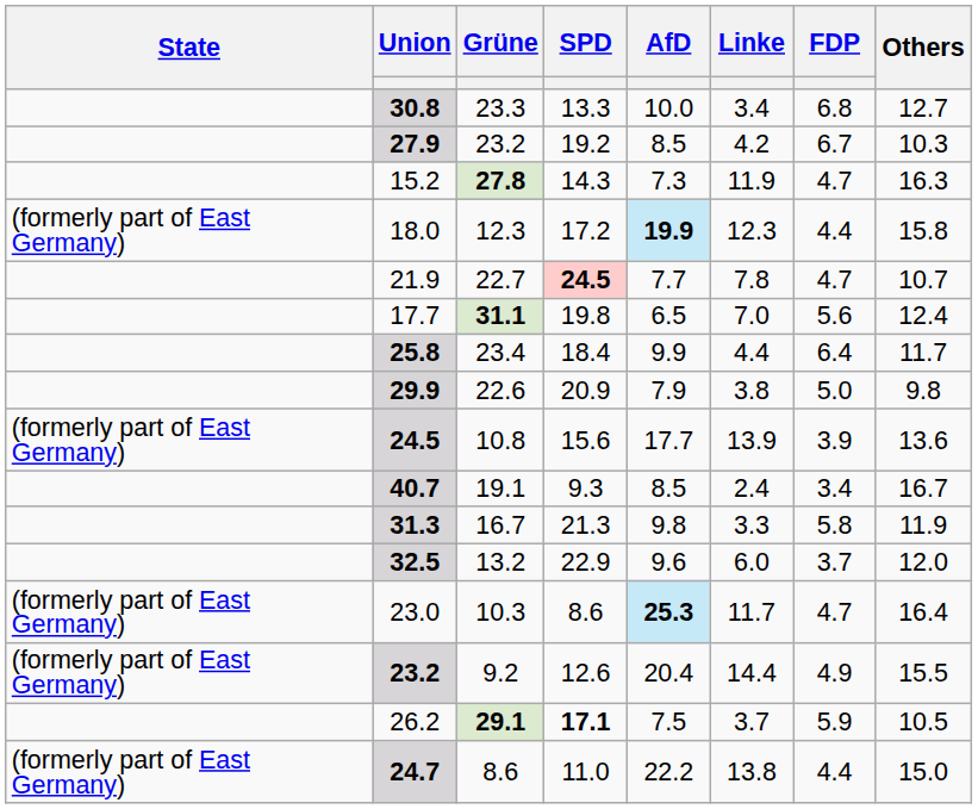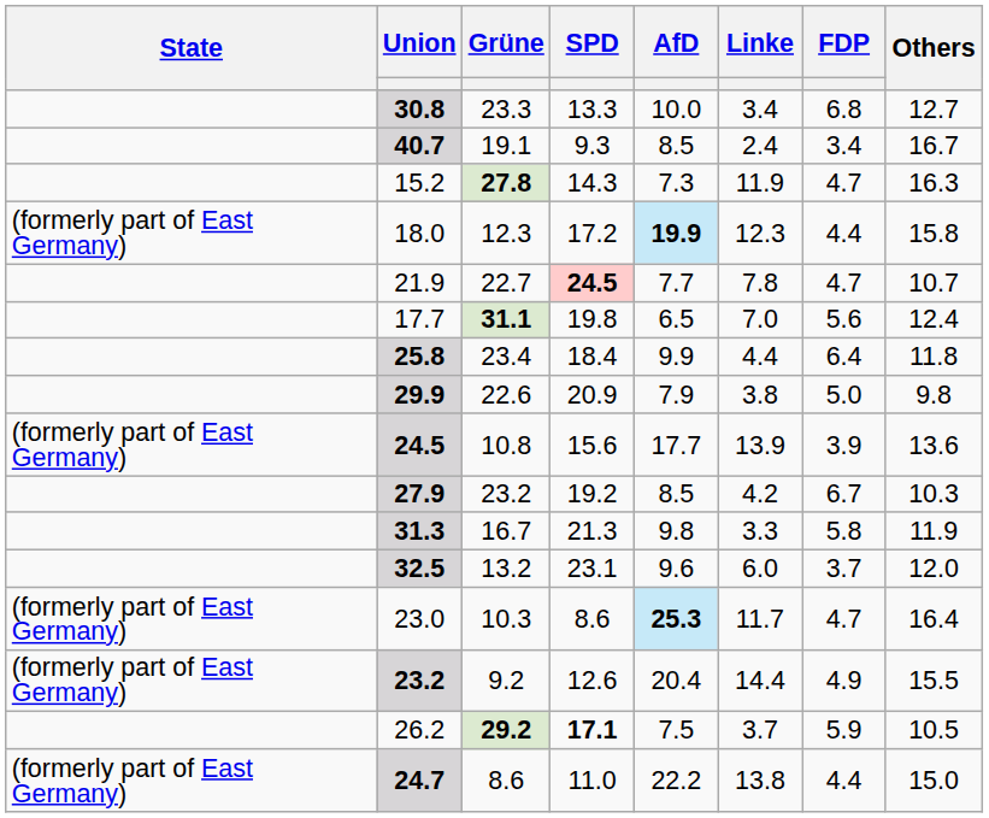 <table class="wikitable sortable" style="text-align:center;font-size:90%;line-height:14px">
 <tr style="height:40px;">
 <th style="width:200px;" rowspan="2"><a href='#'>State</a></th>
 <th style="width:40px;"><a href='#'>Union</a></th>
 <th style="width:40px;"><a href='#'>Grüne</a></th>
 <th style="width:40px;"><a href='#'>SPD</a></th>
 <th style="width:40px;"><a href='#'>AfD</a></th>
 <th style="width:40px;"><a href='#'>Linke</a></th>
 <th style="width:40px;"><a href='#'>FDP</a></th>
 <th class="unsortable" style="width:40px;" rowspan="2">Others</th>
 </tr>
 <tr>
 <th style="background:"></th>
 <th style="background:"></th>
 <th style="background:"></th>
 <th style="background:"></th>
 <th style="background:"></th>
 <th style="background:"></th>
 </tr>
 <tr>
 <td align="left"></td>
 <td style="background:#D7D5D7;"><strong>30.8</strong></td>
 <td>23.3</td>
 <td>13.3</td>
 <td>10.0</td>
 <td>3.4</td>
 <td>6.8</td>
 <td>12.7</td>
 </tr>
 <tr>
 <td align="left"></td>
-<td style="background:#D7D5D7;"><strong>27.9</strong></td>
-<td>23.2</td>
-<td>19.2</td>
+<td style="background:#D7D5D7;"><strong>40.7</strong></td>
+<td>19.1</td>
+<td>9.3</td>
 <td>8.5</td>
-<td>4.2</td>
-<td>6.7</td>
-<td>10.3</td>
+<td>2.4</td>
+<td>3.4</td>
+<td>16.7</td>
 </tr>
 <tr>
 <td align="left"></td>
 <td>15.2</td>
 <td style="background:#DCEAD0;"><strong>27.8</strong></td>
 <td>14.3</td>
 <td>7.3</td>
 <td>11.9</td>
 <td>4.7</td>
 <td>16.3</td>
 </tr>
 <tr>
 <td align="left"> (formerly part of <a href='#'>East Germany</a>)</td>
 <td>18.0</td>
 <td>12.3</td>
 <td>17.2</td>
 <td style="background:#C6E9F8;"><strong>19.9</strong></td>
 <td>12.3</td>
 <td>4.4</td>
 <td>15.8</td>
 </tr>
 <tr>
 <td align="left"></td>
 <td>21.9</td>
 <td>22.7</td>
 <td style="background:#FFCCCC"><strong>24.5</strong></td>
 <td>7.7</td>
 <td>7.8</td>
 <td>4.7</td>
 <td>10.7</td>
 </tr>
 <tr>
 <td align="left"></td>
 <td>17.7</td>
 <td style="background:#DCEAD0;"><strong>31.1</strong></td>
 <td>19.8</td>
 <td>6.5</td>
 <td>7.0</td>
 <td>5.6</td>
 <td>12.4</td>
 </tr>
 <tr>
 <td align="left"></td>
 <td style="background:#D7D5D7;"><strong>25.8</strong></td>
 <td>23.4</td>
 <td>18.4</td>
 <td>9.9</td>
 <td>4.4</td>
 <td>6.4</td>
-<td>11.7</td>
+<td>11.8</td>
 </tr>
 <tr>
 <td align="left"></td>
 <td style="background:#D7D5D7;"><strong>29.9</strong></td>
 <td>22.6</td>
 <td>20.9</td>
 <td>7.9</td>
 <td>3.8</td>
 <td>5.0</td>
 <td>9.8</td>
 </tr>
 <tr>
 <td align="left"> (formerly part of <a href='#'>East Germany</a>)</td>
 <td style="background:#D7D5D7;"><strong>24.5</strong></td>
 <td>10.8</td>
 <td>15.6</td>
 <td>17.7</td>
 <td>13.9</td>
 <td>3.9</td>
 <td>13.6</td>
 </tr>
 <tr>
 <td align="left"></td>
-<td style="background:#D7D5D7;"><strong>40.7</strong></td>
-<td>19.1</td>
-<td>9.3</td>
+<td style="background:#D7D5D7;"><strong>27.9</strong></td>
+<td>23.2</td>
+<td>19.2</td>
 <td>8.5</td>
-<td>2.4</td>
-<td>3.4</td>
-<td>16.7</td>
+<td>4.2</td>
+<td>6.7</td>
+<td>10.3</td>
 </tr>
 <tr>
 <td align="left"></td>
 <td style="background:#D7D5D7;"><strong>31.3</strong></td>
 <td>16.7</td>
 <td>21.3</td>
 <td>9.8</td>
 <td>3.3</td>
 <td>5.8</td>
 <td>11.9</td>
 </tr>
 <tr>
 <td align="left"></td>
 <td style="background:#D7D5D7;"><strong>32.5</strong></td>
 <td>13.2</td>
-<td>22.9</td>
+<td>23.1</td>
 <td>9.6</td>
 <td>6.0</td>
 <td>3.7</td>
 <td>12.0</td>
 </tr>
 <tr>
 <td align="left"> (formerly part of <a href='#'>East Germany</a>)</td>
 <td>23.0</td>
 <td>10.3</td>
 <td>8.6</td>
 <td style="background:#C6E9F8;"><strong>25.3</strong></td>
 <td>11.7</td>
 <td>4.7</td>
 <td>16.4</td>
 </tr>
 <tr>
 <td align="left"> (formerly part of <a href='#'>East Germany</a>)</td>
 <td style="background:#D7D5D7;"><strong>23.2</strong></td>
 <td>9.2</td>
 <td>12.6</td>
 <td>20.4</td>
 <td>14.4</td>
 <td>4.9</td>
 <td>15.5</td>
 </tr>
 <tr>
 <td align="left"></td>
 <td>26.2</td>
-<td style="background:#DCEAD0;"><strong>29.1</strong></td>
+<td style="background:#DCEAD0;"><strong>29.2</strong></td>
 <td><strong>17.1</strong></td>
 <td>7.5</td>
 <td>3.7</td>
 <td>5.9</td>
 <td>10.5</td>
 </tr>
 <tr>
 <td align="left"> (formerly part of <a href='#'>East Germany</a>)</td>
 <td style="background:#D7D5D7;"><strong>24.7</strong></td>
 <td>8.6</td>
 <td>11.0</td>
 <td>22.2</td>
 <td>13.8</td>
 <td>4.4</td>
 <td>15.0</td>
 </tr>
 </table>
